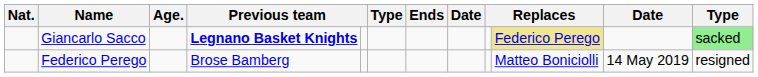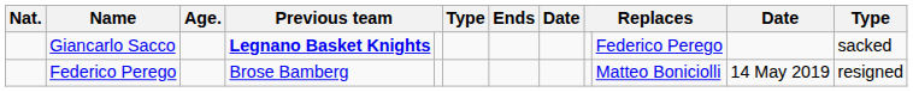 <table class="wikitable sortable">
 <tr>
 <th>Nat.</th>
 <th>Name</th>
 <th>Age.</th>
 <th colspan=2>Previous team</th>
 <th>Type</th>
 <th>Ends</th>
 <th>Date</th>
 <th colspan=2>Replaces</th>
 <th>Date</th>
 <th>Type</th>
 </tr>
 <tr>
 <td></td>
 <td><a href='#'>Giancarlo Sacco</a></td>
 <td></td>
 <td><strong><a href='#'>Legnano Basket Knights</a></strong></td>
 <td></td>
 <td></td>
 <td></td>
 <td></td>
 <td></td>
-<td style="background: khaki;"><a href='#'>Federico Perego</a></td>
+<td><a href='#'>Federico Perego</a></td>
 <td></td>
-<td style="background: lightgreen;">sacked</td>
+<td>sacked</td>
 </tr>
 <tr>
 <td></td>
 <td><a href='#'>Federico Perego</a></td>
 <td></td>
 <td><a href='#'>Brose Bamberg</a></td>
 <td></td>
 <td></td>
 <td></td>
 <td></td>
 <td></td>
 <td><a href='#'>Matteo Boniciolli</a></td>
 <td>14 May 2019</td>
 <td>resigned</td>
 </tr>
 </table>
